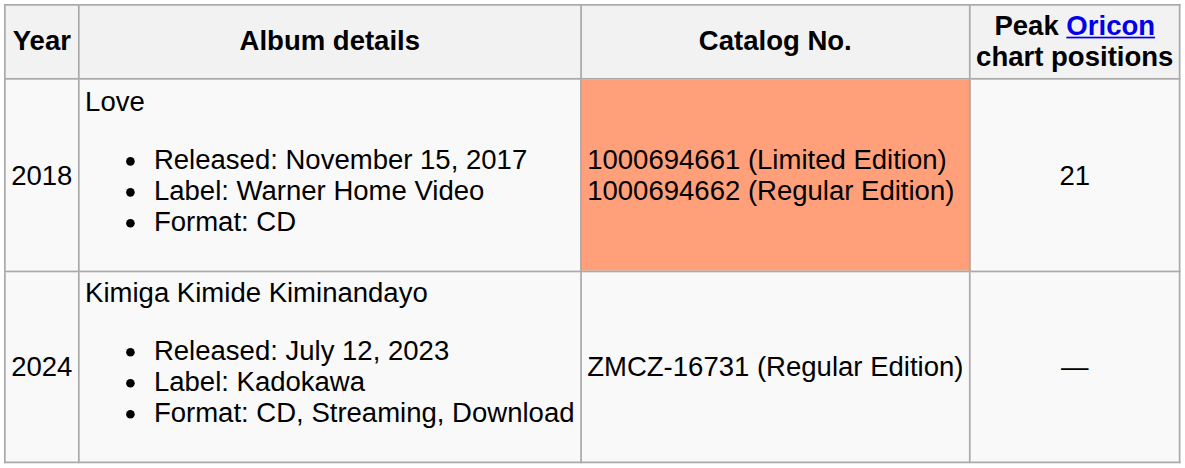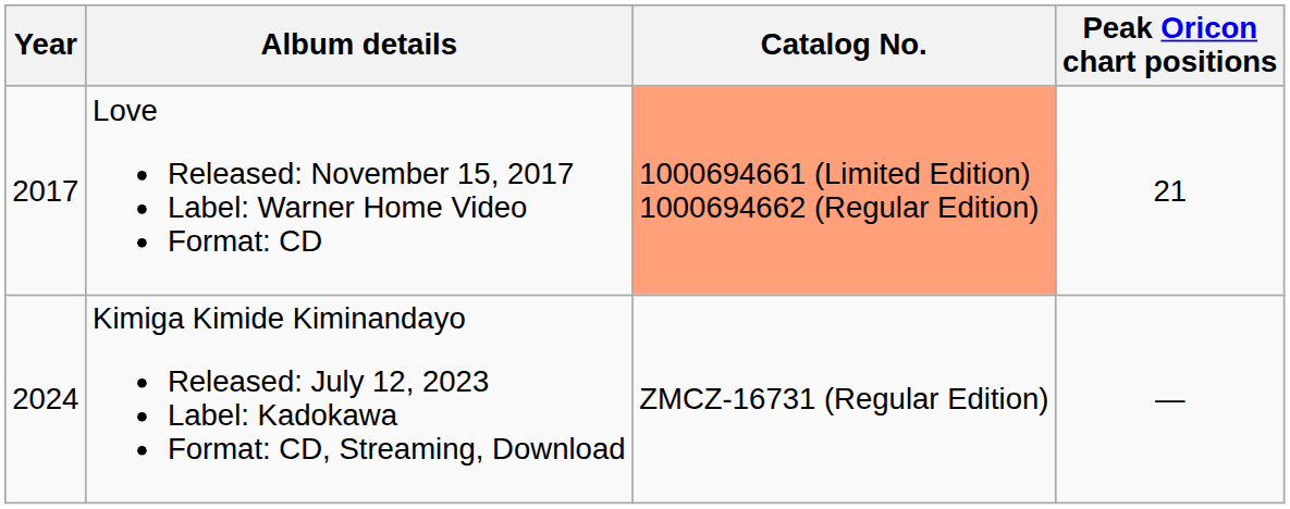 <table class="wikitable">
 <tr>
 <th>Year</th>
 <th>Album details</th>
 <th>Catalog No.</th>
 <th>Peak <a href='#'>Oricon</a><br> chart positions</th>
 </tr>
 <tr>
-<td>2018</td>
+<td>2017</td>
 <td align="left">Love<br><ul><li>Released: November 15, 2017</li><li>Label: Warner Home Video</li><li>Format: CD</li></ul></td>
 <td style="background: lightsalmon;">1000694661 (Limited Edition)<br>1000694662 (Regular Edition)</td>
 <td align="center">21</td>
 </tr>
 <tr>
 <td>2024</td>
 <td align="left">Kimiga Kimide Kiminandayo<br><ul><li>Released: July 12, 2023</li><li>Label: Kadokawa</li><li>Format: CD, Streaming, Download</li></ul></td>
 <td>ZMCZ-16731 (Regular Edition)</td>
 <td align="center">—</td>
 </tr>
 </table>
